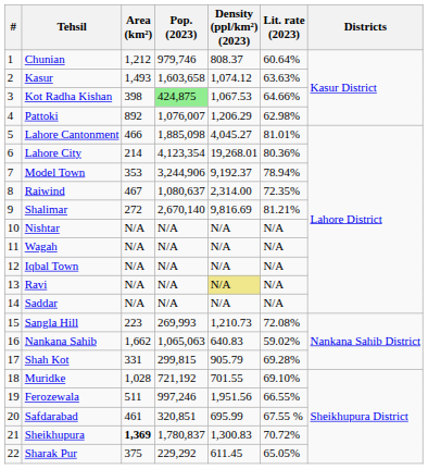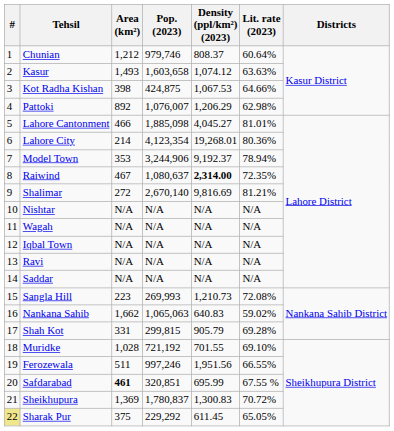 <table class="wikitable sortable">
 <tr>
 <th>#</th>
 <th>Tehsil</th>
 <th>Area<br>(km²)</th>
 <th>Pop.<br>(2023)</th>
 <th>Density<br>(ppl/km²)<br>(2023)</th>
 <th>Lit. rate<br>(2023)</th>
 <th>Districts</th>
 </tr>
 <tr>
 <td>1</td>
 <td><a href='#'>Chunian</a></td>
 <td>1,212</td>
 <td>979,746</td>
 <td>808.37</td>
 <td>60.64%</td>
 <td rowspan="4"><a href='#'>Kasur District</a></td>
 </tr>
 <tr>
 <td>2</td>
 <td><a href='#'>Kasur</a></td>
 <td>1,493</td>
 <td>1,603,658</td>
 <td>1,074.12</td>
 <td>63.63%</td>
 </tr>
 <tr>
 <td>3</td>
 <td><a href='#'>Kot Radha Kishan</a></td>
 <td>398</td>
-<td style="background: lightgreen;">424,875</td>
+<td>424,875</td>
 <td>1,067.53</td>
 <td>64.66%</td>
 </tr>
 <tr>
 <td>4</td>
 <td><a href='#'>Pattoki</a></td>
 <td>892</td>
 <td>1,076,007</td>
 <td>1,206.29</td>
 <td>62.98%</td>
 </tr>
 <tr>
 <td>5</td>
 <td><a href='#'>Lahore Cantonment</a></td>
 <td>466</td>
 <td>1,885,098</td>
 <td>4,045.27</td>
 <td>81.01%</td>
 <td rowspan="10"><a href='#'>Lahore District</a></td>
 </tr>
 <tr>
 <td>6</td>
 <td><a href='#'>Lahore City</a></td>
 <td>214</td>
 <td>4,123,354</td>
 <td>19,268.01</td>
 <td>80.36%</td>
 </tr>
 <tr>
 <td>7</td>
 <td><a href='#'>Model Town</a></td>
 <td>353</td>
 <td>3,244,906</td>
 <td>9,192.37</td>
 <td>78.94%</td>
 </tr>
 <tr>
 <td>8</td>
 <td><a href='#'>Raiwind</a></td>
 <td>467</td>
 <td>1,080,637</td>
-<td>2,314.00</td>
+<td><strong>2,314.00</strong></td>
 <td>72.35%</td>
 </tr>
 <tr>
 <td>9</td>
 <td><a href='#'>Shalimar</a></td>
 <td>272</td>
 <td>2,670,140</td>
 <td>9,816.69</td>
 <td>81.21%</td>
 </tr>
 <tr>
 <td>10</td>
 <td><a href='#'>Nishtar</a></td>
 <td>N/A</td>
 <td>N/A</td>
 <td>N/A</td>
 <td>N/A</td>
 </tr>
 <tr>
 <td>11</td>
 <td><a href='#'>Wagah</a></td>
 <td>N/A</td>
 <td>N/A</td>
 <td>N/A</td>
 <td>N/A</td>
 </tr>
 <tr>
 <td>12</td>
 <td><a href='#'>Iqbal Town</a></td>
 <td>N/A</td>
 <td>N/A</td>
 <td>N/A</td>
 <td>N/A</td>
 </tr>
 <tr>
 <td>13</td>
 <td><a href='#'>Ravi</a></td>
 <td>N/A</td>
 <td>N/A</td>
-<td style="background: khaki;">N/A</td>
+<td>N/A</td>
 <td>N/A</td>
 </tr>
 <tr>
 <td>14</td>
 <td><a href='#'>Saddar</a></td>
 <td>N/A</td>
 <td>N/A</td>
 <td>N/A</td>
 <td>N/A</td>
 </tr>
 <tr>
 <td>15</td>
 <td><a href='#'>Sangla Hill</a></td>
 <td>223</td>
 <td>269,993</td>
 <td>1,210.73</td>
 <td>72.08%</td>
 <td rowspan="3"><a href='#'>Nankana Sahib District</a></td>
 </tr>
 <tr>
 <td>16</td>
 <td><a href='#'>Nankana Sahib</a></td>
 <td>1,662</td>
 <td>1,065,063</td>
 <td>640.83</td>
 <td>59.02%</td>
 </tr>
 <tr>
 <td>17</td>
 <td><a href='#'>Shah Kot</a></td>
 <td>331</td>
 <td>299,815</td>
 <td>905.79</td>
 <td>69.28%</td>
 </tr>
 <tr>
 <td>18</td>
 <td><a href='#'>Muridke</a></td>
 <td>1,028</td>
 <td>721,192</td>
 <td>701.55</td>
 <td>69.10%</td>
 <td rowspan="5"><a href='#'>Sheikhupura District</a></td>
 </tr>
 <tr>
 <td>19</td>
 <td><a href='#'>Ferozewala</a></td>
 <td>511</td>
 <td>997,246</td>
 <td>1,951.56</td>
 <td>66.55%</td>
 </tr>
 <tr>
 <td>20</td>
 <td><a href='#'>Safdarabad</a></td>
-<td>461</td>
+<td><strong>461</strong></td>
 <td>320,851</td>
 <td>695.99</td>
 <td>67.55 %</td>
 </tr>
 <tr>
 <td>21</td>
 <td><a href='#'>Sheikhupura</a></td>
-<td><strong>1,369</strong></td>
+<td>1,369</td>
 <td>1,780,837</td>
 <td>1,300.83</td>
 <td>70.72%</td>
 </tr>
 <tr>
-<td>22</td>
+<td style="background: khaki;">22</td>
 <td><a href='#'>Sharak Pur</a></td>
 <td>375</td>
 <td>229,292</td>
 <td>611.45</td>
 <td>65.05%</td>
 </tr>
 </table>
